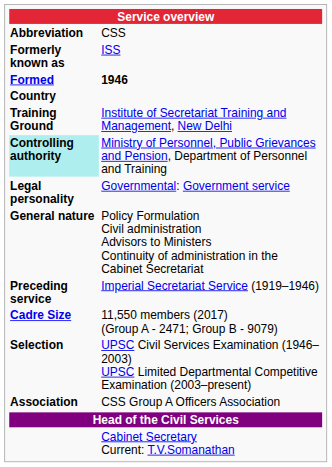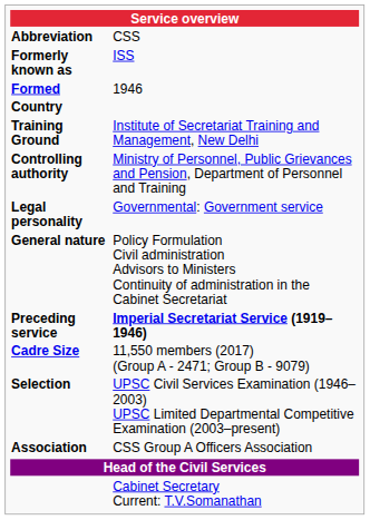 <table class="infobox" style="font-size: 90%; text-align: left; width: 27em">
 <tr>
 <th cellpadding="1" colspan="12" style="background:#E32636; color:#FFFFFF; text-align: center">Service overview</th>
 </tr>
 <tr>
 <td><strong>Abbreviation</strong></td>
 <td>CSS</td>
 </tr>
 <tr>
 <td><strong>Formerly known as</strong></td>
 <td><a href='#'>ISS</a></td>
 </tr>
 <tr>
 <td><strong><a href='#'>Formed</a></strong></td>
-<td><strong>1946</strong></td>
+<td>1946</td>
 </tr>
 <tr>
 <td><strong>Country</strong></td>
 <td></td>
 </tr>
 <tr>
 <td><strong>Training Ground</strong></td>
 <td><a href='#'>Institute of Secretariat Training and Management</a>, <a href='#'>New Delhi</a></td>
 </tr>
 <tr>
-<td style="background: paleturquoise;"><strong>Controlling authority</strong></td>
+<td><strong>Controlling authority</strong></td>
 <td><a href='#'>Ministry of Personnel, Public Grievances and Pension</a>, Department of Personnel and Training</td>
 </tr>
 <tr>
 <td><strong>Legal personality</strong></td>
 <td><a href='#'>Governmental</a>: <a href='#'>Government service</a></td>
 </tr>
 <tr>
 <td><strong>General nature</strong></td>
 <td>Policy Formulation<br>Civil administration<br>Advisors to Ministers<br>Continuity of administration in the Cabinet Secretariat</td>
 </tr>
 <tr>
 <td><strong>Preceding service</strong></td>
-<td><a href='#'>Imperial Secretariat Service</a> (1919–1946)</td>
+<td><strong><a href='#'>Imperial Secretariat Service</a> (1919–1946)</strong></td>
 </tr>
 <tr>
 <td><strong><a href='#'>Cadre Size</a></strong></td>
 <td>11,550 members (2017)<br>(Group A - 2471; Group B - 9079)</td>
 </tr>
 <tr>
 <td><strong>Selection</strong></td>
 <td><a href='#'>UPSC</a> Civil Services Examination (1946–2003)<br><a href='#'>UPSC</a> Limited Departmental Competitive Examination (2003–present)</td>
 </tr>
 <tr>
 <td><strong>Association</strong></td>
 <td>CSS Group A Officers Association</td>
 </tr>
 <tr>
 </tr>
 <tr>
 <th cellpadding="1" colspan="12" style="background:#800080; color:#FFFFFF; text-align: center">Head of the Civil Services</th>
 </tr>
 <tr>
 <td></td>
 <td><a href='#'>Cabinet Secretary</a><br> Current: <a href='#'>T.V.Somanathan</a></td>
 </tr>
 </table>
